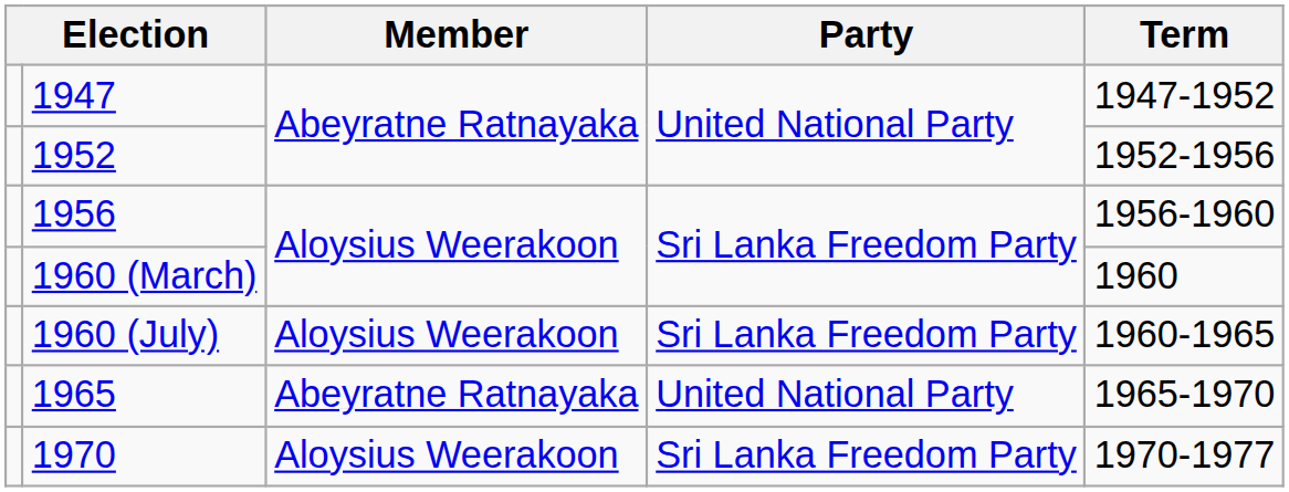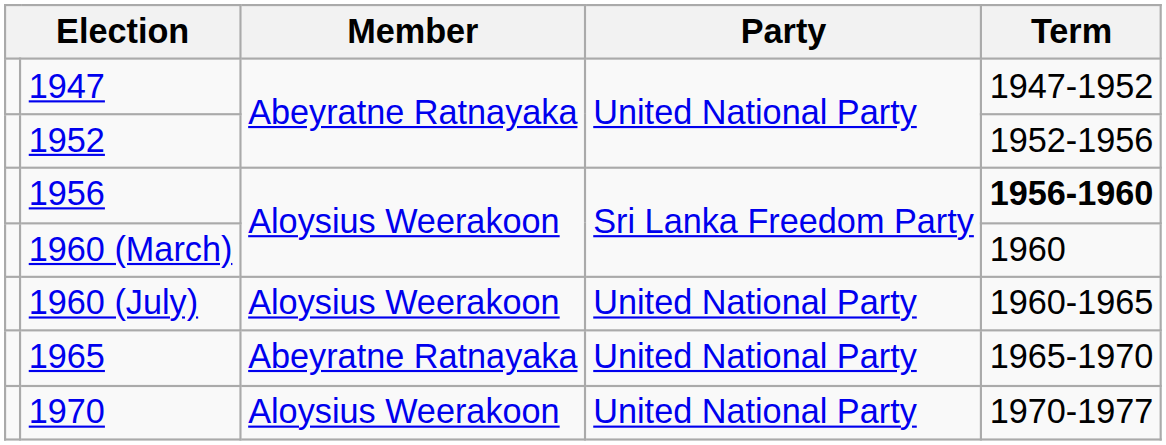 <table class="wikitable">
 <tr>
 <th colspan="2">Election</th>
 <th>Member</th>
 <th>Party</th>
 <th>Term</th>
 </tr>
 <tr>
 <td style="background-color: "></td>
 <td><a href='#'>1947</a></td>
 <td rowspan=2><a href='#'>Abeyratne Ratnayaka</a></td>
 <td rowspan=2><a href='#'>United National Party</a></td>
 <td>1947-1952</td>
 </tr>
 <tr>
 <td style="background-color: "></td>
 <td><a href='#'>1952</a></td>
 <td>1952-1956</td>
 </tr>
 <tr>
 <td style="background-color: "></td>
 <td><a href='#'>1956</a></td>
 <td rowspan=2><a href='#'>Aloysius Weerakoon</a></td>
 <td rowspan=2><a href='#'>Sri Lanka Freedom Party</a></td>
-<td>1956-1960</td>
+<td><strong>1956-1960</strong></td>
 </tr>
 <tr>
 <td style="background-color: "></td>
 <td><a href='#'>1960 (March)</a></td>
 <td>1960</td>
 </tr>
 <tr>
 <td style="background-color: "></td>
 <td><a href='#'>1960 (July)</a></td>
 <td><a href='#'>Aloysius Weerakoon</a></td>
-<td><a href='#'>Sri Lanka Freedom Party</a></td>
+<td><a href='#'>United National Party</a></td>
 <td>1960-1965</td>
 </tr>
 <tr>
 <td style="background-color: "></td>
 <td><a href='#'>1965</a></td>
 <td><a href='#'>Abeyratne Ratnayaka</a></td>
 <td><a href='#'>United National Party</a></td>
 <td>1965-1970</td>
 </tr>
 <tr>
 <td style="background-color: "></td>
 <td><a href='#'>1970</a></td>
 <td><a href='#'>Aloysius Weerakoon</a></td>
-<td><a href='#'>Sri Lanka Freedom Party</a></td>
+<td><a href='#'>United National Party</a></td>
 <td>1970-1977</td>
 </tr>
 </table>
